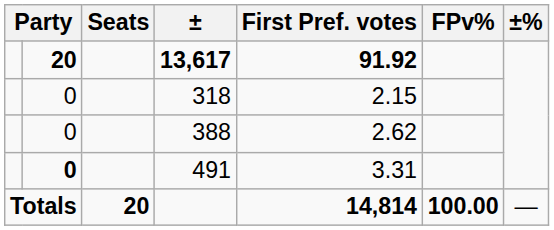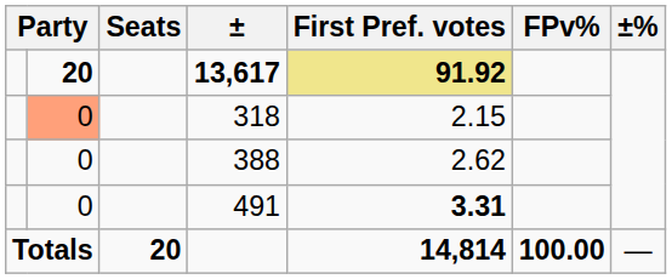 <table class=wikitable>
 <tr>
 <th colspan=2 align=center>Party</th>
 <th valign=top>Seats</th>
 <th valign=top>±</th>
 <th valign=top>First Pref. votes</th>
 <th valign=top>FPv%</th>
 <th valign=top>±%</th>
 </tr>
 <tr>
 <td></td>
 <td align=right><strong>20</strong></td>
 <td align=right></td>
 <td align=right><strong>13,617</strong></td>
-<td align=right><strong>91.92</strong></td>
+<td align=right style="background: khaki;"><strong>91.92</strong></td>
 <td align=right></td>
 </tr>
 <tr>
 <td></td>
-<td align=right>0</td>
+<td align=right style="background: lightsalmon;">0</td>
 <td align=right></td>
 <td align=right>318</td>
 <td align=right>2.15</td>
 <td align=right></td>
 </tr>
 <tr>
 <td></td>
 <td align=right>0</td>
 <td align=right></td>
 <td align=right>388</td>
 <td align=right>2.62</td>
 <td align=right></td>
 </tr>
 <tr>
 <td></td>
-<td align=right><strong>0</strong></td>
+<td align=right>0</td>
 <td align=right></td>
 <td align=right>491</td>
-<td align=right>3.31</td>
+<td align=right><strong>3.31</strong></td>
 <td align=right></td>
 </tr>
 <tr>
 <td colspan=2 align=center><strong>Totals</strong></td>
 <td align=right><strong>20</strong></td>
 <td align=center></td>
 <td align=right><strong>14,814</strong></td>
 <td align=center><strong>100.00</strong></td>
 <td align=center>—</td>
 </tr>
 </table>
